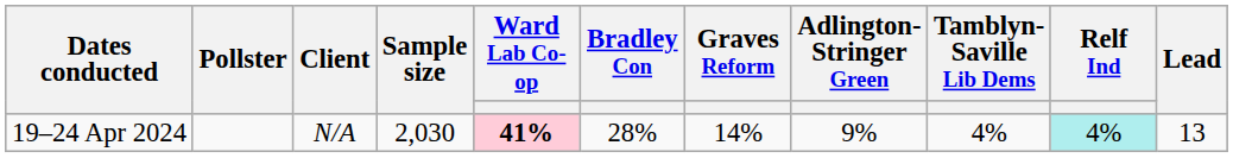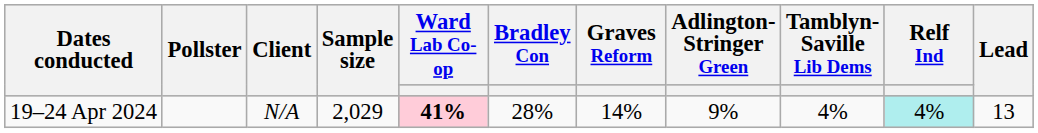 <table class="wikitable sortable mw-datatable" style="text-align:center;font-size:90%;line-height:14px;">
 <tr>
 <th rowspan="2">Dates<br>conducted</th>
 <th rowspan="2">Pollster</th>
 <th rowspan="2">Client</th>
 <th rowspan="2" data-sort-type="number">Sample<br>size</th>
 <th style="width:50px;"><a href='#'>Ward</a><br><small><a href='#'>Lab Co-op</a></small></th>
 <th style="width:50px;"><a href='#'>Bradley</a><br><small><a href='#'>Con</a></small></th>
 <th style="width:50px;">Graves<br><small><a href='#'>Reform</a></small></th>
 <th style="width:50px;">Adlington-Stringer<br><small><a href='#'>Green</a></small></th>
 <th style="width:50px;">Tamblyn-Saville<br><small><a href='#'>Lib Dems</a></small></th>
 <th style="width:50px;">Relf<br><small><a href='#'>Ind</a></small></th>
 <th rowspan="2" data-sort-type="number">Lead</th>
 </tr>
 <tr>
 <th data-sort-type="number" style="background:"></th>
 <th data-sort-type="number" style="background:"></th>
 <th data-sort-type="number" style="background:"></th>
 <th data-sort-type="number" style="background:"></th>
 <th data-sort-type="number" style="background:"></th>
 <th data-sort-type="number" style="background:"></th>
 </tr>
 <tr>
 <td>19–24 Apr 2024</td>
 <td></td>
 <td><em>N/A</em></td>
-<td>2,030</td>
+<td>2,029</td>
 <td style="background:#FFCCD9;"><strong>41%</strong></td>
 <td>28%</td>
 <td>14%</td>
 <td>9%</td>
 <td>4%</td>
 <td style="background: paleturquoise;">4%</td>
 <td style="background:">13</td>
 </tr>
 </table>
